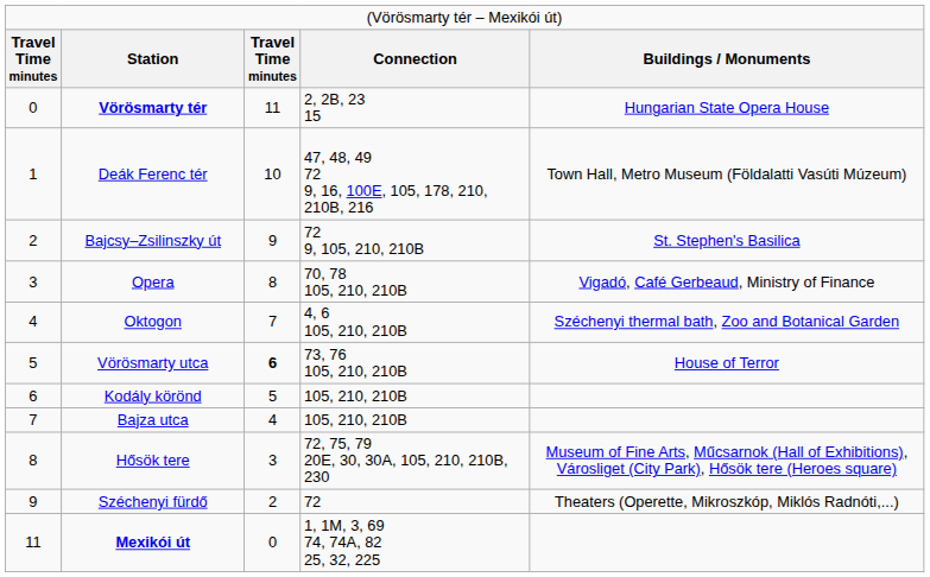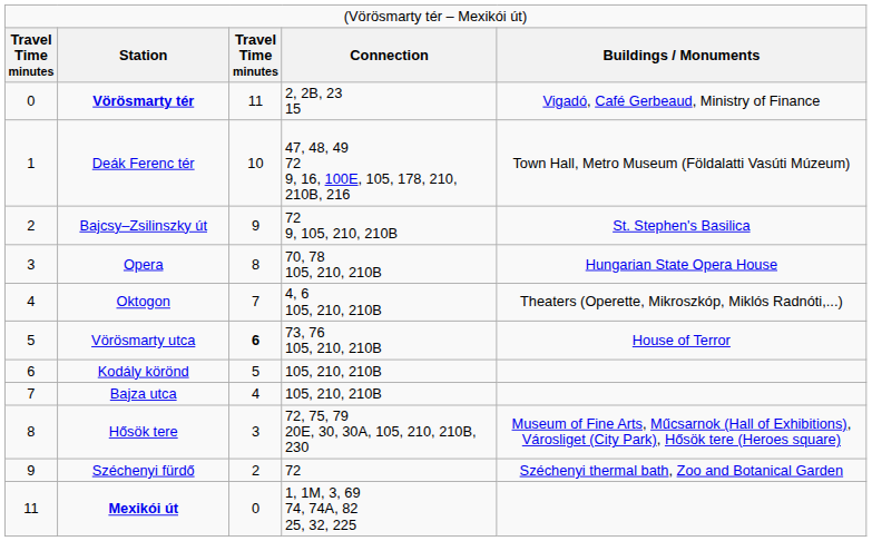 <table class=wikitable style="font-size: 90%; text-align:center">
 <tr>
 <td colspan="5" style="background-color:#"><span>  (Vörösmarty tér – Mexikói út)</span></td>
 </tr>
 <tr>
 <th width="5%">Travel Time<br><small>minutes</small></th>
 <th width="20%">Station</th>
 <th width="5%">Travel Time<br><small>minutes</small></th>
 <th width="25%">Connection</th>
 <th>Buildings / Monuments</th>
 </tr>
 <tr>
 <td>0</td>
 <td><strong><a href='#'>Vörösmarty tér</a></strong></td>
 <td>11</td>
 <td align=left> 2, 2B, 23<br> 15</td>
-<td><a href='#'>Hungarian State Opera House</a></td>
+<td><a href='#'>Vigadó</a>, <a href='#'>Café Gerbeaud</a>, Ministry of Finance</td>
 </tr>
 <tr>
 <td>1</td>
 <td><a href='#'>Deák Ferenc tér</a></td>
 <td>10</td>
 <td align=left> <br> 47, 48, 49<br> 72<br> 9, 16, <a href='#'>100E</a>, 105, 178, 210, 210B, 216</td>
 <td>Town Hall, Metro Museum (Földalatti Vasúti Múzeum)</td>
 </tr>
 <tr>
 <td>2</td>
 <td><a href='#'>Bajcsy–Zsilinszky út</a></td>
 <td>9</td>
 <td align=left> 72<br> 9, 105, 210, 210B</td>
 <td><a href='#'>St. Stephen's Basilica</a></td>
 </tr>
 <tr>
 <td>3</td>
 <td><a href='#'>Opera</a></td>
 <td>8</td>
 <td align=left> 70, 78<br> 105, 210, 210B</td>
-<td><a href='#'>Vigadó</a>, <a href='#'>Café Gerbeaud</a>, Ministry of Finance</td>
+<td><a href='#'>Hungarian State Opera House</a></td>
 </tr>
 <tr>
 <td>4</td>
 <td><a href='#'>Oktogon</a></td>
 <td>7</td>
 <td align=left> 4, 6<br>  105, 210, 210B</td>
-<td><a href='#'>Széchenyi thermal bath</a>, <a href='#'>Zoo and Botanical Garden</a></td>
+<td>Theaters (Operette, Mikroszkóp, Miklós Radnóti,...)</td>
 </tr>
 <tr>
 <td>5</td>
 <td><a href='#'>Vörösmarty utca</a></td>
 <td><strong>6</strong></td>
 <td align=left> 73, 76<br> 105, 210, 210B</td>
 <td><a href='#'>House of Terror</a></td>
 </tr>
 <tr>
 <td>6</td>
 <td><a href='#'>Kodály körönd</a></td>
 <td>5</td>
 <td align=left> 105, 210, 210B</td>
 <td></td>
 </tr>
 <tr>
 <td>7</td>
 <td><a href='#'>Bajza utca</a></td>
 <td>4</td>
 <td align=left> 105, 210, 210B</td>
 <td></td>
 </tr>
 <tr>
 <td>8</td>
 <td><a href='#'>Hősök tere</a></td>
 <td>3</td>
 <td align=left> 72, 75, 79<br> 20E, 30, 30A, 105, 210, 210B, 230</td>
 <td><a href='#'>Museum of Fine Arts</a>, <a href='#'>Műcsarnok (Hall of Exhibitions)</a>, <a href='#'>Városliget (City Park)</a>, <a href='#'>Hősök tere (Heroes square)</a></td>
 </tr>
 <tr>
 <td>9</td>
 <td><a href='#'>Széchenyi fürdő</a></td>
 <td>2</td>
 <td align=left> 72</td>
-<td>Theaters (Operette, Mikroszkóp, Miklós Radnóti,...)</td>
+<td><a href='#'>Széchenyi thermal bath</a>, <a href='#'>Zoo and Botanical Garden</a></td>
 </tr>
 <tr>
 <td>11</td>
 <td><strong><a href='#'>Mexikói út</a></strong></td>
 <td>0</td>
 <td align=left> 1, 1M, 3, 69<br> 74, 74A, 82<br> 25, 32, 225</td>
 <td></td>
 </tr>
 </table>
